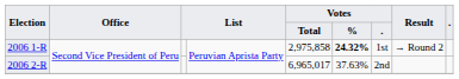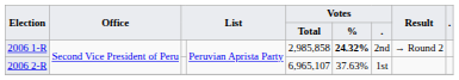 <table class="wikitable" style="font-size:90%; text-align:center;">
 <tr>
 <th style="background-color:#EAECF0;" rowspan=2>Election</th>
 <th style="background-color:#EAECF0;" rowspan=2>Office</th>
 <th style="background-color:#EAECF0;" colspan=2 rowspan=2>List</th>
 <th style="background-color:#EAECF0;" colspan=3>Votes</th>
 <th style="background-color:#EAECF0;" rowspan=2>Result</th>
 <th style="background-color:#EAECF0;" rowspan=2>.</th>
 </tr>
 <tr>
 <th style="background-color:#EAECF0;">Total</th>
 <th style="background-color:#EAECF0;">%</th>
 <th style="background-color:#EAECF0;">.</th>
 </tr>
 <tr>
 <td style="background-color:#EAECF0;"><a href='#'>2006 1-R</a></td>
 <td rowspan="2"><a href='#'>Second Vice President of Peru</a></td>
 <td style="background-color:"></td>
 <td rowspan="2"><a href='#'>Peruvian Aprista Party</a></td>
-<td>2,975,858</td>
+<td>2,985,858</td>
 <td><strong>24.32%</strong></td>
-<td>1st</td>
+<td>2nd</td>
 <td>→ Round 2</td>
 <td></td>
 </tr>
 <tr>
 <td style="background-color:#EAECF0;"><a href='#'>2006 2-R</a></td>
 <td style="background-color:"></td>
-<td>6,965,017</td>
+<td>6,965,107</td>
 <td>37.63%</td>
-<td>2nd</td>
+<td>1st</td>
 <td></td>
 <td></td>
 </tr>
 <tr>
 </tr>
 </table>
